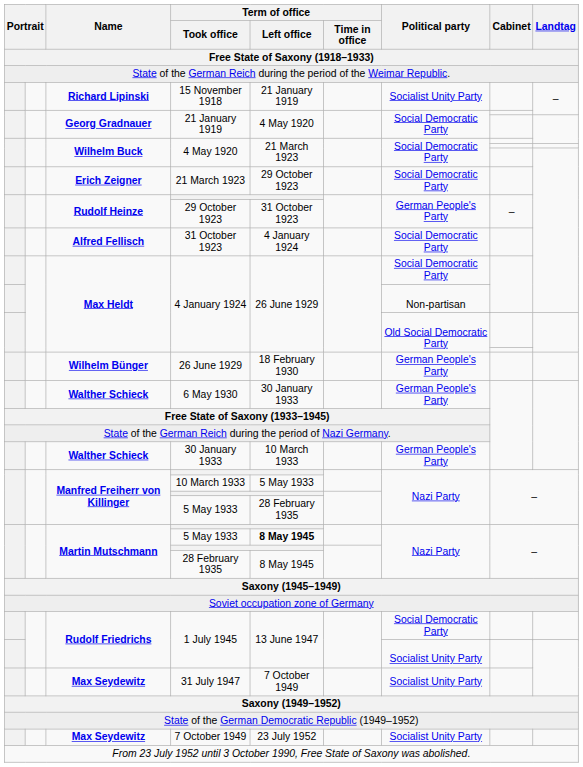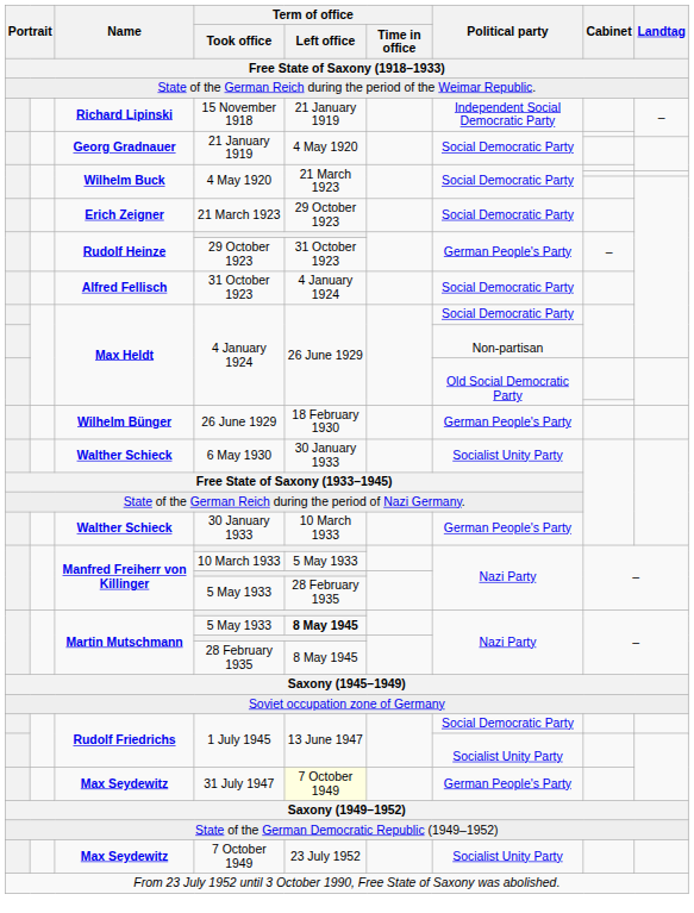 <table class="wikitable" style="text-align:center; width:100%; border:1px #AAAAFF solid">
 <tr>
 <th rowspan=2 colspan=2>Portrait</th>
 <th rowspan=2>Name<br></th>
 <th colspan=3>Term of office</th>
 <th rowspan=2>Political party</th>
 <th rowspan=2>Cabinet</th>
 <th rowspan=2><a href='#'>Landtag</a></th>
 </tr>
 <tr>
 <th>Took office</th>
 <th>Left office</th>
 <th>Time in office</th>
 </tr>
 <tr>
 <th colspan="9">Free State of Saxony (1918–1933)</th>
 </tr>
 <tr>
 <td bgcolor=#EEEEEE colspan=9><a href='#'>State</a> of the <a href='#'>German Reich</a> during the period of the <a href='#'>Weimar Republic</a>.</td>
 </tr>
 <tr>
 <th style="background:"></th>
 <td></td>
 <td><strong><a href='#'>Richard Lipinski</a></strong><br></td>
 <td>15 November 1918</td>
 <td>21 January 1919</td>
 <td></td>
-<td><a href='#'>Socialist Unity Party</a></td>
+<td><a href='#'>Independent Social Democratic Party</a></td>
 <td><br></td>
 <td rowspan=2>–</td>
 </tr>
 <tr>
 <th rowspan=2 style="background:"></th>
 <td rowspan=2></td>
 <td rowspan=2><strong><a href='#'>Georg Gradnauer</a></strong><br></td>
 <td rowspan=2>21 January 1919</td>
 <td rowspan=2>4 May 1920</td>
 <td rowspan=2></td>
 <td rowspan=2><a href='#'>Social Democratic Party</a></td>
 <td></td>
 </tr>
 <tr>
 <td></td>
 <td rowspan=2></td>
 </tr>
 <tr>
 <th rowspan=3 style="background:"></th>
 <td rowspan=3></td>
 <td rowspan=3><strong><a href='#'>Wilhelm Buck</a></strong><br></td>
 <td rowspan=3>4 May 1920</td>
 <td rowspan=3>21 March 1923</td>
 <td rowspan=3></td>
 <td rowspan=3><a href='#'>Social Democratic Party</a></td>
 <td></td>
 </tr>
 <tr>
 <td></td>
 <td></td>
 </tr>
 <tr>
 <td></td>
 <td rowspan=8></td>
 </tr>
 <tr>
 <th style="background:"></th>
 <td></td>
 <td><strong><a href='#'>Erich Zeigner</a></strong><br></td>
 <td>21 March 1923</td>
 <td>29 October 1923</td>
 <td></td>
 <td><a href='#'>Social Democratic Party</a></td>
 <td></td>
 </tr>
 <tr>
 <th rowspan="2" style="background:"></th>
 <td rowspan="2"></td>
 <td rowspan="2"><strong><a href='#'>Rudolf Heinze</a></strong><br></td>
 <th colspan="2"></th>
 <td rowspan="2"></td>
 <td rowspan="2"><a href='#'>German People's Party</a></td>
 <td rowspan="2">–</td>
 </tr>
 <tr>
 <td>29 October 1923</td>
 <td>31 October 1923</td>
 </tr>
 <tr>
 <th style="background:"></th>
 <td></td>
 <td><strong><a href='#'>Alfred Fellisch</a></strong><br></td>
 <td>31 October 1923</td>
 <td>4 January 1924</td>
 <td></td>
 <td><a href='#'>Social Democratic Party</a></td>
 <td></td>
 </tr>
 <tr>
 <th style="background:"></th>
 <td rowspan="5"></td>
 <td rowspan="5"><strong><a href='#'>Max Heldt</a></strong><br></td>
 <td rowspan="5">4 January 1924</td>
 <td rowspan="5">26 June 1929</td>
 <td rowspan="5"></td>
 <td><a href='#'>Social Democratic Party</a></td>
 <td rowspan=3></td>
 </tr>
 <tr>
 <th style="background:"></th>
 <td><em></em><br>Non-partisan</td>
 </tr>
 <tr>
 <th rowspan=3 style="background:"></th>
 <td rowspan=3><em></em><br><a href='#'>Old Social Democratic Party</a></td>
 </tr>
 <tr>
 <td></td>
 <td rowspan=2></td>
 </tr>
 <tr>
 <td></td>
 </tr>
 <tr>
 <th style="background:"></th>
 <td></td>
 <td><strong><a href='#'>Wilhelm Bünger</a></strong><br></td>
 <td>26 June 1929</td>
 <td>18 February 1930</td>
 <td></td>
 <td><a href='#'>German People's Party</a></td>
 <td></td>
 <td></td>
 </tr>
 <tr>
 <th style="background:"></th>
 <td></td>
 <td><strong><a href='#'>Walther Schieck</a></strong><br></td>
 <td>6 May 1930</td>
 <td>30 January 1933</td>
 <td></td>
-<td><a href='#'>German People's Party</a></td>
+<td><a href='#'>Socialist Unity Party</a></td>
 <td rowspan=4></td>
 <td rowspan=4></td>
 </tr>
 <tr>
 <th colspan="7">Free State of Saxony (1933–1945)</th>
 </tr>
 <tr>
 <td bgcolor=#EEEEEE colspan=7><a href='#'>State</a> of the <a href='#'>German Reich</a> during the period of <a href='#'>Nazi Germany</a>.</td>
 </tr>
 <tr>
 <th style="background:"></th>
 <td></td>
 <td><strong><a href='#'>Walther Schieck</a></strong><br></td>
 <td>30 January 1933</td>
 <td>10 March 1933</td>
 <td></td>
 <td><a href='#'>German People's Party</a></td>
 </tr>
 <tr>
 <th rowspan="4" style="background:"></th>
 <td rowspan="4"></td>
 <td rowspan="4"><strong><a href='#'>Manfred Freiherr von Killinger</a></strong><br></td>
 <th colspan="2"></th>
 <td rowspan="2"></td>
 <td rowspan="4"><a href='#'>Nazi Party</a></td>
 <td colspan="2" rowspan="4">–</td>
 </tr>
 <tr>
 <td>10 March 1933</td>
 <td>5 May 1933</td>
 </tr>
 <tr>
 <th colspan="2"></th>
 <td rowspan="2"></td>
 </tr>
 <tr>
 <td>5 May 1933</td>
 <td>28 February 1935</td>
 </tr>
 <tr>
 <th rowspan="4" style="background:"></th>
 <td rowspan="4"></td>
 <td rowspan="4"><strong><a href='#'>Martin Mutschmann</a></strong><br></td>
 <th colspan="2"></th>
 <td rowspan="2"></td>
 <td rowspan="4"><a href='#'>Nazi Party</a></td>
 <td colspan="2" rowspan="4">–</td>
 </tr>
 <tr>
 <td>5 May 1933</td>
 <td><strong>8 May 1945</strong></td>
 </tr>
 <tr>
 <th colspan="2"></th>
 <td rowspan="2"></td>
 </tr>
 <tr>
 <td>28 February 1935</td>
 <td>8 May 1945</td>
 </tr>
 <tr>
 <th colspan="9">Saxony (1945–1949)</th>
 </tr>
 <tr>
 <td bgcolor=#EEEEEE colspan=9><a href='#'>Soviet occupation zone of Germany</a></td>
 </tr>
 <tr>
 <th style="background:"></th>
 <td rowspan="3"></td>
 <td rowspan="3"><strong><a href='#'>Rudolf Friedrichs</a></strong><br></td>
 <td rowspan="3">1 July 1945</td>
 <td rowspan="3">13 June 1947</td>
 <td rowspan="3"></td>
 <td><a href='#'>Social Democratic Party</a></td>
 <td rowspan="2"></td>
 <td rowspan="2"><em></em></td>
 </tr>
 <tr>
 <th rowspan="2" style="background:"></th>
 <td rowspan="2"><em></em><br><a href='#'>Socialist Unity Party</a></td>
 </tr>
 <tr>
 <td></td>
 <td rowspan=2></td>
 </tr>
 <tr>
 <th style="background:"></th>
 <td></td>
 <td><strong><a href='#'>Max Seydewitz</a></strong><br></td>
 <td>31 July 1947</td>
-<td>7 October 1949</td>
+<td style="background: lightyellow;">7 October 1949</td>
 <td></td>
-<td><a href='#'>Socialist Unity Party</a></td>
+<td><a href='#'>German People's Party</a></td>
 <td></td>
 </tr>
 <tr>
 <th colspan="9">Saxony (1949–1952)</th>
 </tr>
 <tr>
 <td bgcolor=#EEEEEE colspan=9><a href='#'>State</a> of the <a href='#'>German Democratic Republic</a> (1949–1952)</td>
 </tr>
 <tr>
 <th style="background:"></th>
 <td></td>
 <td><strong><a href='#'>Max Seydewitz</a></strong><br></td>
 <td>7 October 1949</td>
 <td>23 July 1952</td>
 <td></td>
 <td><a href='#'>Socialist Unity Party</a></td>
 <td></td>
 <td></td>
 </tr>
 <tr>
 <td colspan="9"><em>From 23 July 1952 until 3 October 1990, Free State of Saxony was abolished</em>.</td>
 </tr>
 </table>
